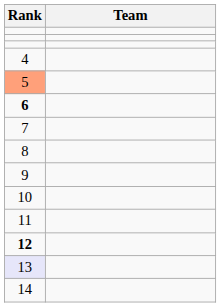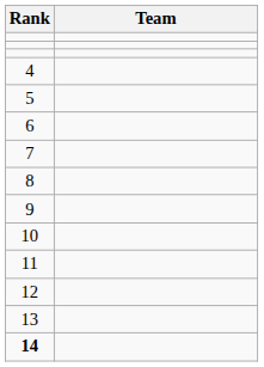 <table class=wikitable style="text-align:center;">
 <tr>
 <th>Rank</th>
 <th width=180>Team</th>
 </tr>
 <tr>
 <td></td>
 <td align=left></td>
 </tr>
 <tr>
 <td></td>
 <td align=left></td>
 </tr>
 <tr>
 <td></td>
 <td align=left></td>
 </tr>
 <tr>
 <td>4</td>
 <td align=left></td>
 </tr>
 <tr>
-<td style="background: lightsalmon;">5</td>
+<td>5</td>
 <td align=left></td>
 </tr>
 <tr>
-<td><strong>6</strong></td>
+<td>6</td>
 <td align=left></td>
 </tr>
 <tr>
 <td>7</td>
 <td align=left></td>
 </tr>
 <tr>
 <td>8</td>
 <td align=left></td>
 </tr>
 <tr>
 <td>9</td>
 <td align=left></td>
 </tr>
 <tr>
 <td>10</td>
 <td align=left></td>
 </tr>
 <tr>
 <td>11</td>
 <td align=left></td>
 </tr>
 <tr>
-<td><strong>12</strong></td>
+<td>12</td>
 <td align=left></td>
 </tr>
 <tr>
-<td style="background: lavender;">13</td>
+<td>13</td>
 <td align=left></td>
 </tr>
 <tr>
-<td>14</td>
+<td><strong>14</strong></td>
 <td align=left></td>
 </tr>
 </table>
